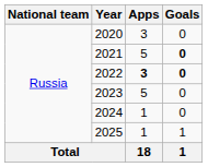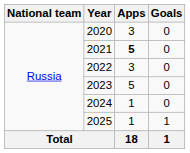 <table class=wikitable style=text-align:center>
 <tr>
 <th>National team</th>
 <th>Year</th>
 <th>Apps</th>
 <th>Goals</th>
 </tr>
 <tr>
 <td rowspan="6"><a href='#'>Russia</a></td>
 <td>2020</td>
 <td>3</td>
 <td>0</td>
 </tr>
 <tr>
 <td>2021</td>
-<td>5</td>
-<td><strong>0</strong></td>
+<td><strong>5</strong></td>
+<td>0</td>
 </tr>
 <tr>
 <td>2022</td>
-<td><strong>3</strong></td>
-<td><strong>0</strong></td>
+<td>3</td>
+<td>0</td>
 </tr>
 <tr>
 <td>2023</td>
 <td>5</td>
 <td>0</td>
 </tr>
 <tr>
 <td>2024</td>
 <td>1</td>
 <td>0</td>
 </tr>
 <tr>
 <td>2025</td>
 <td>1</td>
 <td>1</td>
 </tr>
 <tr>
 <th colspan=2>Total</th>
 <th>18</th>
 <th>1</th>
 </tr>
 </table>
